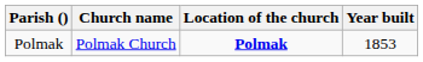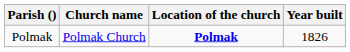 <table class="wikitable" style="text-align:center">
 <tr>
 <th>Parish ()</th>
 <th>Church name</th>
 <th>Location of the church</th>
 <th>Year built</th>
 </tr>
 <tr>
 <td rowspan="1">Polmak</td>
 <td><a href='#'>Polmak Church</a></td>
 <td><strong><a href='#'>Polmak</a></strong></td>
-<td>1853</td>
+<td>1826</td>
 </tr>
 </table>
